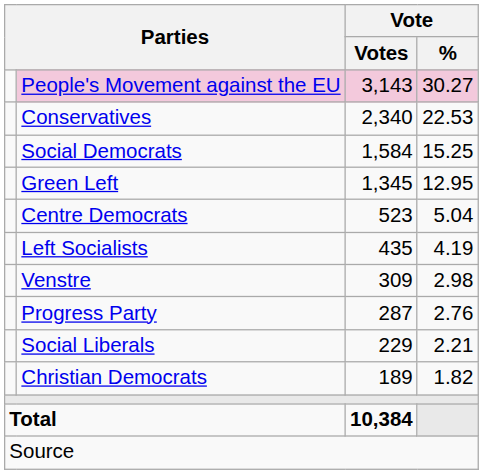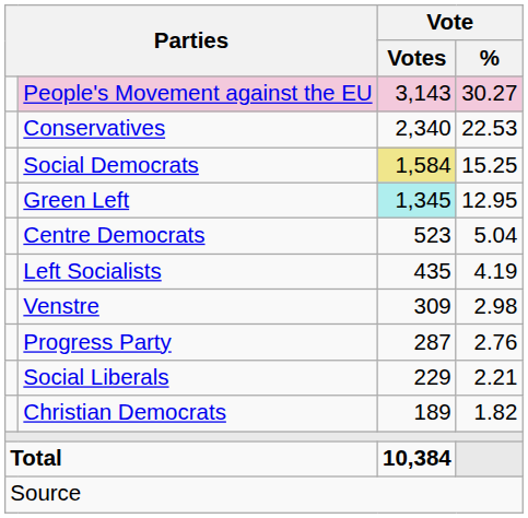 <table class="wikitable" style="text-align:right;">
 <tr>
 <th style="text-align:centre;" rowspan="2" colspan="2" width="225">Parties</th>
 <th colspan="3">Vote</th>
 </tr>
 <tr>
 <th width="15">Votes</th>
 <th width="15">%</th>
 </tr>
 <tr>
 <td width="2" style="color:inherit;background:"></td>
 <td bgcolor=#f3c9dc   align="left"><a href='#'>People's Movement against the EU</a></td>
 <td bgcolor=#f3c9dc>3,143</td>
 <td bgcolor=#f3c9dc>30.27</td>
 </tr>
 <tr>
 <td width="2" style="color:inherit;background:"></td>
 <td align="left"><a href='#'>Conservatives</a></td>
 <td>2,340</td>
 <td>22.53</td>
 </tr>
 <tr>
 <td width="2" style="color:inherit;background:"></td>
 <td align="left"><a href='#'>Social Democrats</a></td>
-<td>1,584</td>
+<td style="background: khaki;">1,584</td>
 <td>15.25</td>
 </tr>
 <tr>
 <td width="2" style="color:inherit;background:"></td>
 <td align="left"><a href='#'>Green Left</a></td>
-<td>1,345</td>
+<td style="background: paleturquoise;">1,345</td>
 <td>12.95</td>
 </tr>
 <tr>
 <td width="2" style="color:inherit;background:"></td>
 <td align="left"><a href='#'>Centre Democrats</a></td>
 <td>523</td>
 <td>5.04</td>
 </tr>
 <tr>
 <td width="2" style="color:inherit;background:"></td>
 <td align="left"><a href='#'>Left Socialists</a></td>
 <td>435</td>
 <td>4.19</td>
 </tr>
 <tr>
 <td width="2" style="color:inherit;background:"></td>
 <td align="left"><a href='#'>Venstre</a></td>
 <td>309</td>
 <td>2.98</td>
 </tr>
 <tr>
 <td width="2" style="color:inherit;background:"></td>
 <td align="left"><a href='#'>Progress Party</a></td>
 <td>287</td>
 <td>2.76</td>
 </tr>
 <tr>
 <td width="2" style="color:inherit;background:"></td>
 <td align="left"><a href='#'>Social Liberals</a></td>
 <td>229</td>
 <td>2.21</td>
 </tr>
 <tr>
 <td width="2" style="color:inherit;background:"></td>
 <td align="left"><a href='#'>Christian Democrats</a></td>
 <td>189</td>
 <td>1.82</td>
 </tr>
 <tr>
 <td colspan="7" bgcolor="#E9E9E9"></td>
 </tr>
 <tr>
 <td align="left" colspan="2"><strong>Total</strong></td>
 <td><strong>10,384</strong></td>
 <td bgcolor="#E9E9E9" colspan="2"></td>
 </tr>
 <tr>
 <td align="left" colspan="6">Source</td>
 </tr>
 </table>
